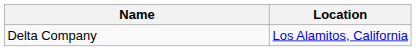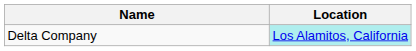 <table class="wikitable" style="text-align: center;">
 <tr>
 <th style="width:20em">Name</th>
 <th>Location</th>
 </tr>
 <tr>
 <td align="left">Delta Company</td>
-<td><a href='#'>Los Alamitos, California</a></td>
+<td style="background: paleturquoise;"><a href='#'>Los Alamitos, California</a></td>
 </tr>
 </table>
